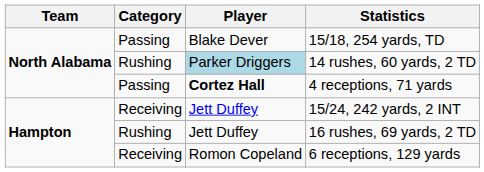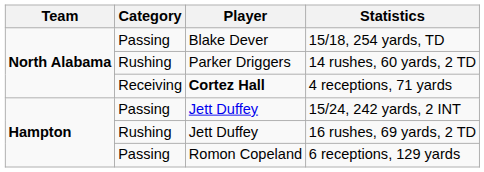 <table class="wikitable" style="float: right;">
 <tr>
 <th>Team</th>
 <th>Category</th>
 <th>Player</th>
 <th>Statistics</th>
 </tr>
 <tr>
 <td rowspan=3><strong>North Alabama</strong></td>
 <td>Passing</td>
 <td>Blake Dever</td>
 <td>15/18, 254 yards, TD</td>
 </tr>
 <tr>
 <td>Rushing</td>
-<td style="background: lightblue;">Parker Driggers</td>
+<td>Parker Driggers</td>
 <td>14 rushes, 60 yards, 2 TD</td>
 </tr>
 <tr>
-<td>Passing</td>
+<td>Receiving</td>
 <td><strong>Cortez Hall</strong></td>
 <td>4 receptions, 71 yards</td>
 </tr>
 <tr>
 <td rowspan=3><strong>Hampton</strong></td>
-<td>Receiving</td>
+<td>Passing</td>
 <td><a href='#'>Jett Duffey</a></td>
 <td>15/24, 242 yards, 2 INT</td>
 </tr>
 <tr>
 <td>Rushing</td>
 <td>Jett Duffey</td>
 <td>16 rushes, 69 yards, 2 TD</td>
 </tr>
 <tr>
-<td>Receiving</td>
+<td>Passing</td>
 <td>Romon Copeland</td>
 <td>6 receptions, 129 yards</td>
 </tr>
 </table>
